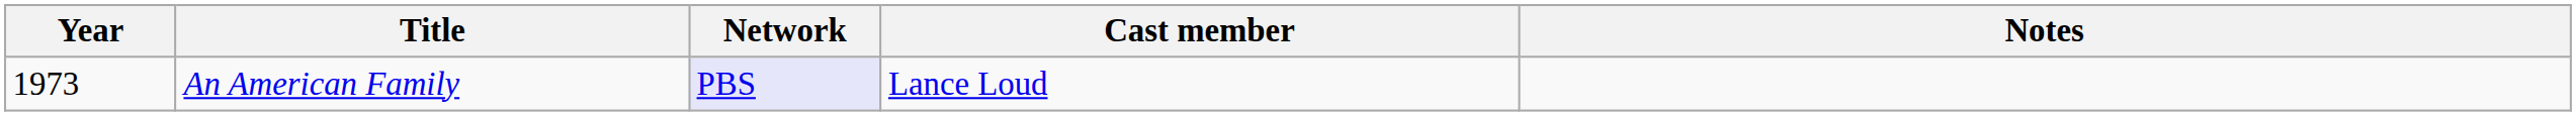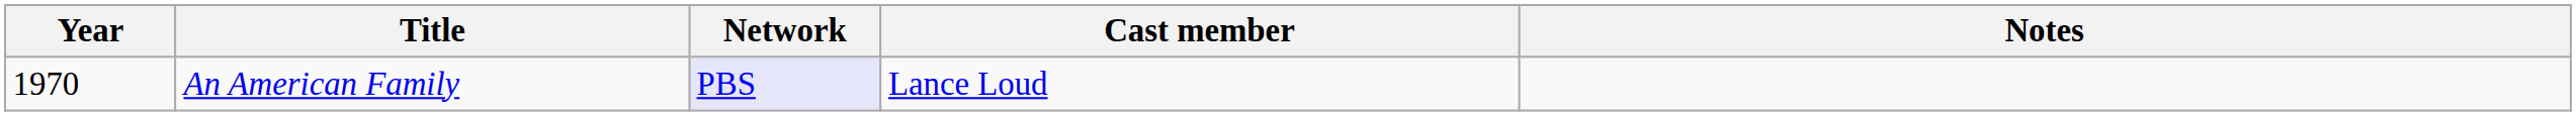 <table class="sortable wikitable" style="margins:auto; width=95%;">
 <tr>
 <th width="75">Year</th>
 <th style="width:240px;">Title</th>
 <th width="85">Network</th>
 <th style="width:300px;">Cast member</th>
 <th style="width:500px;" class="unsortable">Notes</th>
 </tr>
 <tr valign="top">
-<td>1973</td>
+<td>1970</td>
 <td><em><a href='#'>An American Family</a></em></td>
 <td style="background: lavender;"><a href='#'>PBS</a></td>
 <td><a href='#'>Lance Loud</a></td>
 <td></td>
 </tr>
 </table>
